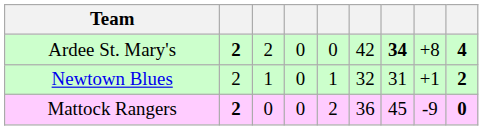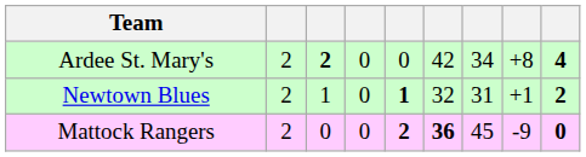 <table class="wikitable" style="text-align:center">
 <tr>
 <th style="width:175px;">Team</th>
 <th width="20"></th>
 <th width="20"></th>
 <th width="20"></th>
 <th width="20"></th>
 <th width="20"></th>
 <th width="20"></th>
 <th width="20"></th>
 <th width="20"></th>
 </tr>
 <tr style="background:#cfc;">
 <td>Ardee St. Mary's</td>
+<td>2</td>
 <td><strong>2</strong></td>
-<td>2</td>
 <td>0</td>
 <td>0</td>
 <td>42</td>
-<td><strong>34</strong></td>
+<td>34</td>
 <td>+8</td>
 <td><strong>4</strong></td>
 </tr>
 <tr style="background:#cfc;">
 <td><a href='#'>Newtown Blues</a></td>
 <td>2</td>
 <td>1</td>
 <td>0</td>
-<td>1</td>
+<td><strong>1</strong></td>
 <td>32</td>
 <td>31</td>
 <td>+1</td>
 <td><strong>2</strong></td>
 </tr>
 <tr style="background:#fcf;">
 <td>Mattock Rangers</td>
-<td><strong>2</strong></td>
+<td>2</td>
 <td>0</td>
 <td>0</td>
-<td>2</td>
-<td>36</td>
+<td><strong>2</strong></td>
+<td><strong>36</strong></td>
 <td>45</td>
 <td>-9</td>
 <td><strong>0</strong></td>
 </tr>
 </table>
